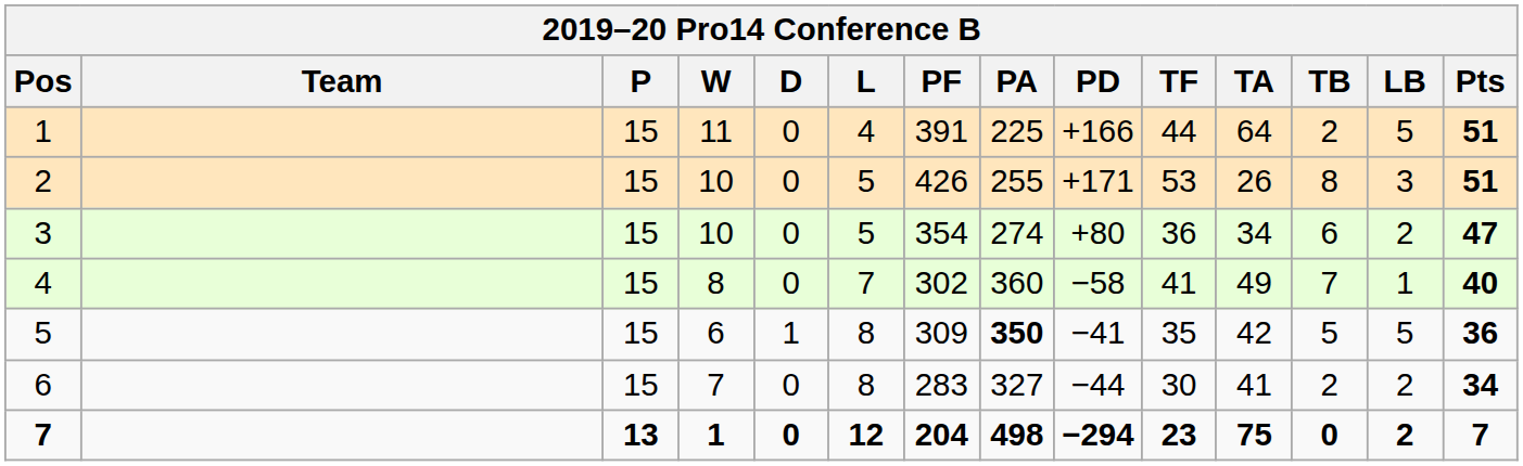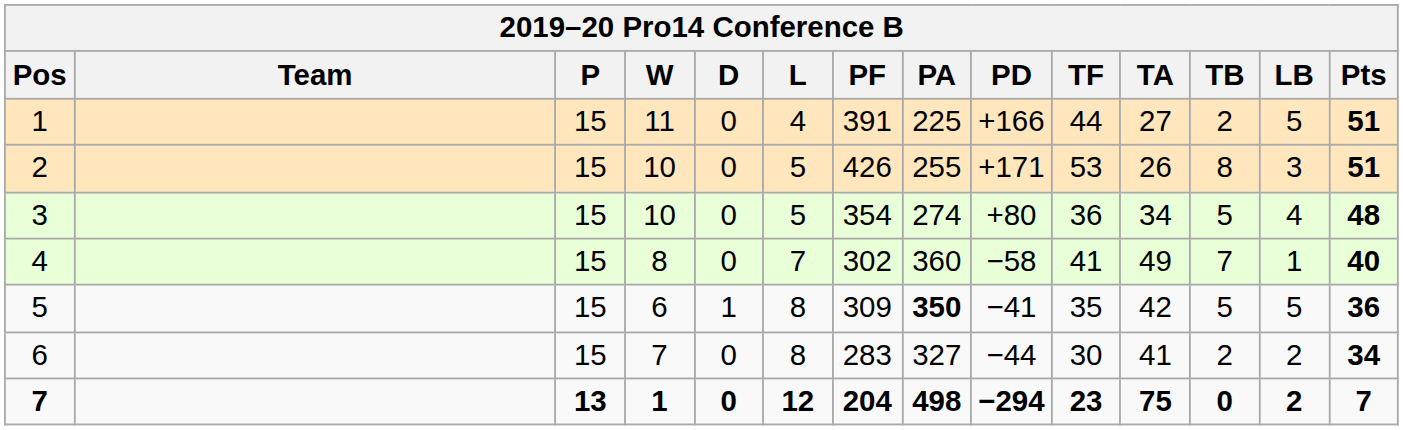 <table class="wikitable" style="text-align:center; font-size:100%; width:60%;">
 <tr>
 <th colspan="100%" cellpadding="0" cellspacing="0">2019–20 Pro14 Conference B</th>
 </tr>
 <tr>
 <th style="width:5%;">Pos</th>
 <th style="width:35%;">Team</th>
 <th style="width:5%;">P</th>
 <th style="width:5%;">W</th>
 <th style="width:5%;">D</th>
 <th style="width:5%;">L</th>
 <th style="width:5%;">PF</th>
 <th style="width:5%;">PA</th>
 <th style="width:5%;">PD</th>
 <th style="width:5%;">TF</th>
 <th style="width:5%;">TA</th>
 <th style="width:5%;">TB</th>
 <th style="width:5%;">LB</th>
 <th style="width:5%;">Pts<br></th>
 </tr>
 <tr style="background:#FFE6BD;">
 <td>1</td>
 <td style="text-align:left;"></td>
 <td>15</td>
 <td>11</td>
 <td>0</td>
 <td>4</td>
 <td>391</td>
 <td>225</td>
 <td>+166</td>
 <td>44</td>
-<td>64</td>
+<td>27</td>
 <td>2</td>
 <td>5</td>
 <td><strong>51</strong></td>
 </tr>
 <tr style="background:#FFE6BD;">
 <td>2</td>
 <td style="text-align:left;"></td>
 <td>15</td>
 <td>10</td>
 <td>0</td>
 <td>5</td>
 <td>426</td>
 <td>255</td>
 <td>+171</td>
 <td>53</td>
 <td>26</td>
 <td>8</td>
 <td>3</td>
 <td><strong>51</strong></td>
 </tr>
 <tr style="background:#E8FFD8;">
 <td>3</td>
 <td style="text-align:left;"></td>
 <td>15</td>
 <td>10</td>
 <td>0</td>
 <td>5</td>
 <td>354</td>
 <td>274</td>
 <td>+80</td>
 <td>36</td>
 <td>34</td>
-<td>6</td>
-<td>2</td>
-<td><strong>47</strong></td>
+<td>5</td>
+<td>4</td>
+<td><strong>48</strong></td>
 </tr>
 <tr style="background:#E8FFD8;">
 <td>4</td>
 <td style="text-align:left;"></td>
 <td>15</td>
 <td>8</td>
 <td>0</td>
 <td>7</td>
 <td>302</td>
 <td>360</td>
 <td>−58</td>
 <td>41</td>
 <td>49</td>
 <td>7</td>
 <td>1</td>
 <td><strong>40</strong></td>
 </tr>
 <tr>
 <td>5</td>
 <td style="text-align:left;"></td>
 <td>15</td>
 <td>6</td>
 <td>1</td>
 <td>8</td>
 <td>309</td>
 <td><strong>350</strong></td>
 <td>−41</td>
 <td>35</td>
 <td>42</td>
 <td>5</td>
 <td>5</td>
 <td><strong>36</strong></td>
 </tr>
 <tr>
 <td>6</td>
 <td style="text-align:left;"></td>
 <td>15</td>
 <td>7</td>
 <td>0</td>
 <td>8</td>
 <td>283</td>
 <td>327</td>
 <td>−44</td>
 <td>30</td>
 <td>41</td>
 <td>2</td>
 <td>2</td>
 <td><strong>34</strong></td>
 </tr>
 <tr style="font-weight:bold;">
 <td>7</td>
 <td style="text-align:left;"></td>
 <td>13</td>
 <td>1</td>
 <td>0</td>
 <td>12</td>
 <td>204</td>
 <td>498</td>
 <td>−294</td>
 <td>23</td>
 <td>75</td>
 <td>0</td>
 <td>2</td>
 <td><strong>7</strong></td>
 </tr>
 </table>
